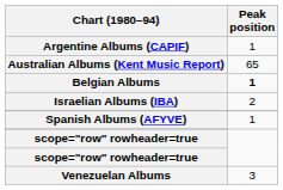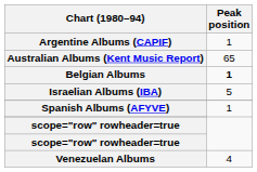 <table class="wikitable sortable plainrowheaders" style="text-align:center">
 <tr>
 <th scope="col">Chart (1980–94)</th>
 <th scope="col">Peak<br>position</th>
 </tr>
 <tr>
 <th scope="row">Argentine Albums (<a href='#'>CAPIF</a>)</th>
 <td>1</td>
 </tr>
 <tr>
 <th scope="row">Australian Albums (<a href='#'>Kent Music Report</a>)</th>
 <td>65</td>
 </tr>
 <tr>
 <th scope="row">Belgian Albums</th>
 <td><strong>1</strong></td>
 </tr>
 <tr>
 <th scope="row">Israelian Albums (<a href='#'>IBA</a>)</th>
-<td>2</td>
+<td>5</td>
 </tr>
 <tr>
 </tr>
 <tr>
 </tr>
 <tr>
 <th scope="row">Spanish Albums (<a href='#'>AFYVE</a>)</th>
 <td>1</td>
 </tr>
 <tr>
 </tr>
 <tr>
 <th>scope="row" rowheader=true</th>
 </tr>
 <tr>
 <th>scope="row" rowheader=true</th>
 </tr>
 <tr>
 <th scope="row">Venezuelan Albums</th>
-<td>3</td>
+<td>4</td>
 </tr>
 </table>
